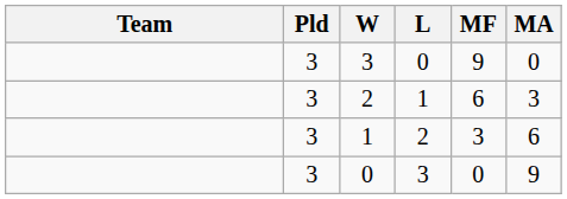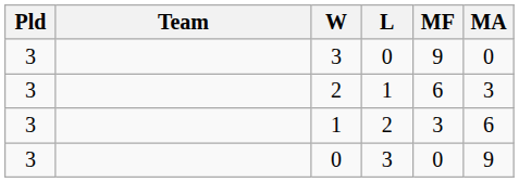 <table class="wikitable" style="text-align:center">
 <tr>
+<th width=30>Pld</th>
 <th width=180>Team</th>
-<th width=30>Pld</th>
 <th width=30>W</th>
 <th width=30>L</th>
 <th width=30>MF</th>
 <th width=30>MA</th>
 </tr>
 <tr bgcolor=>
+<td>3</td>
 <td style="text-align:left;"></td>
-<td>3</td>
 <td>3</td>
 <td>0</td>
 <td>9</td>
 <td>0</td>
 </tr>
 <tr bgcolor=>
+<td>3</td>
 <td style="text-align:left;"></td>
-<td>3</td>
 <td>2</td>
 <td>1</td>
 <td>6</td>
 <td>3</td>
 </tr>
 <tr bgcolor=>
+<td>3</td>
 <td style="text-align:left;"></td>
-<td>3</td>
 <td>1</td>
 <td>2</td>
 <td>3</td>
 <td>6</td>
 </tr>
 <tr bgcolor=>
+<td>3</td>
 <td style="text-align:left;"></td>
-<td>3</td>
 <td>0</td>
 <td>3</td>
 <td>0</td>
 <td>9</td>
 </tr>
 </table>
